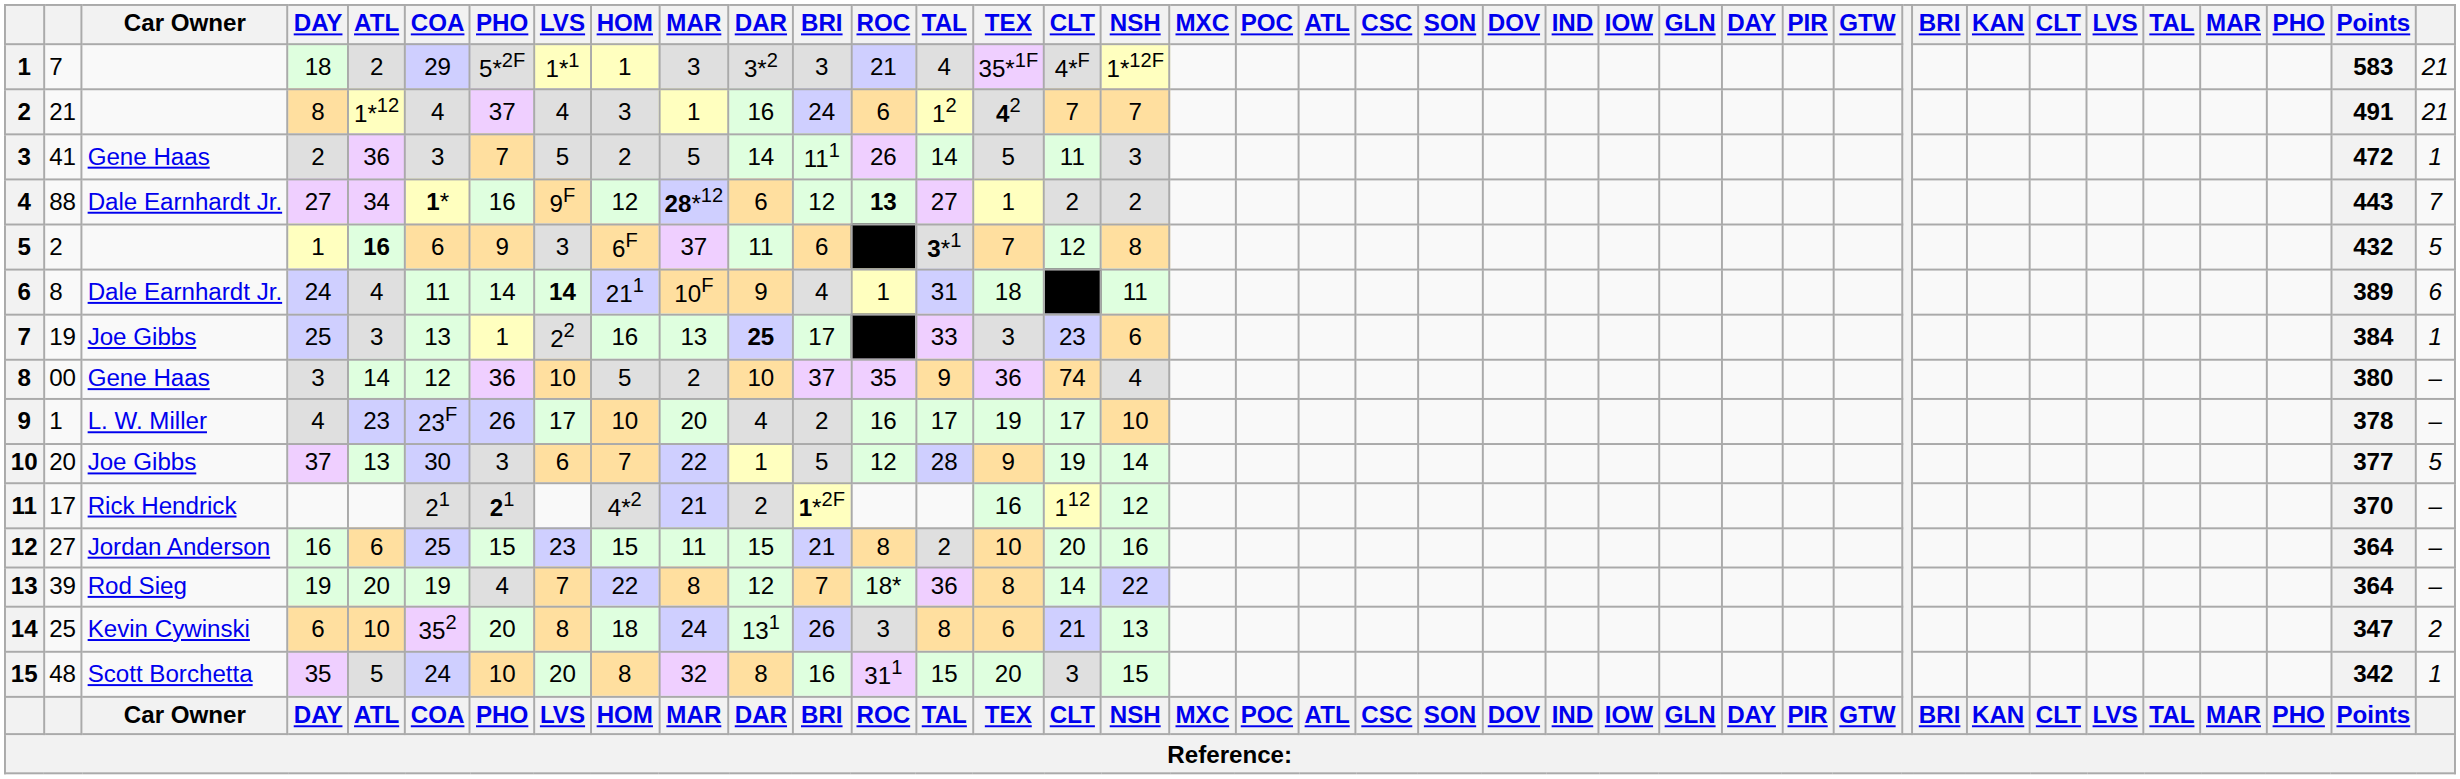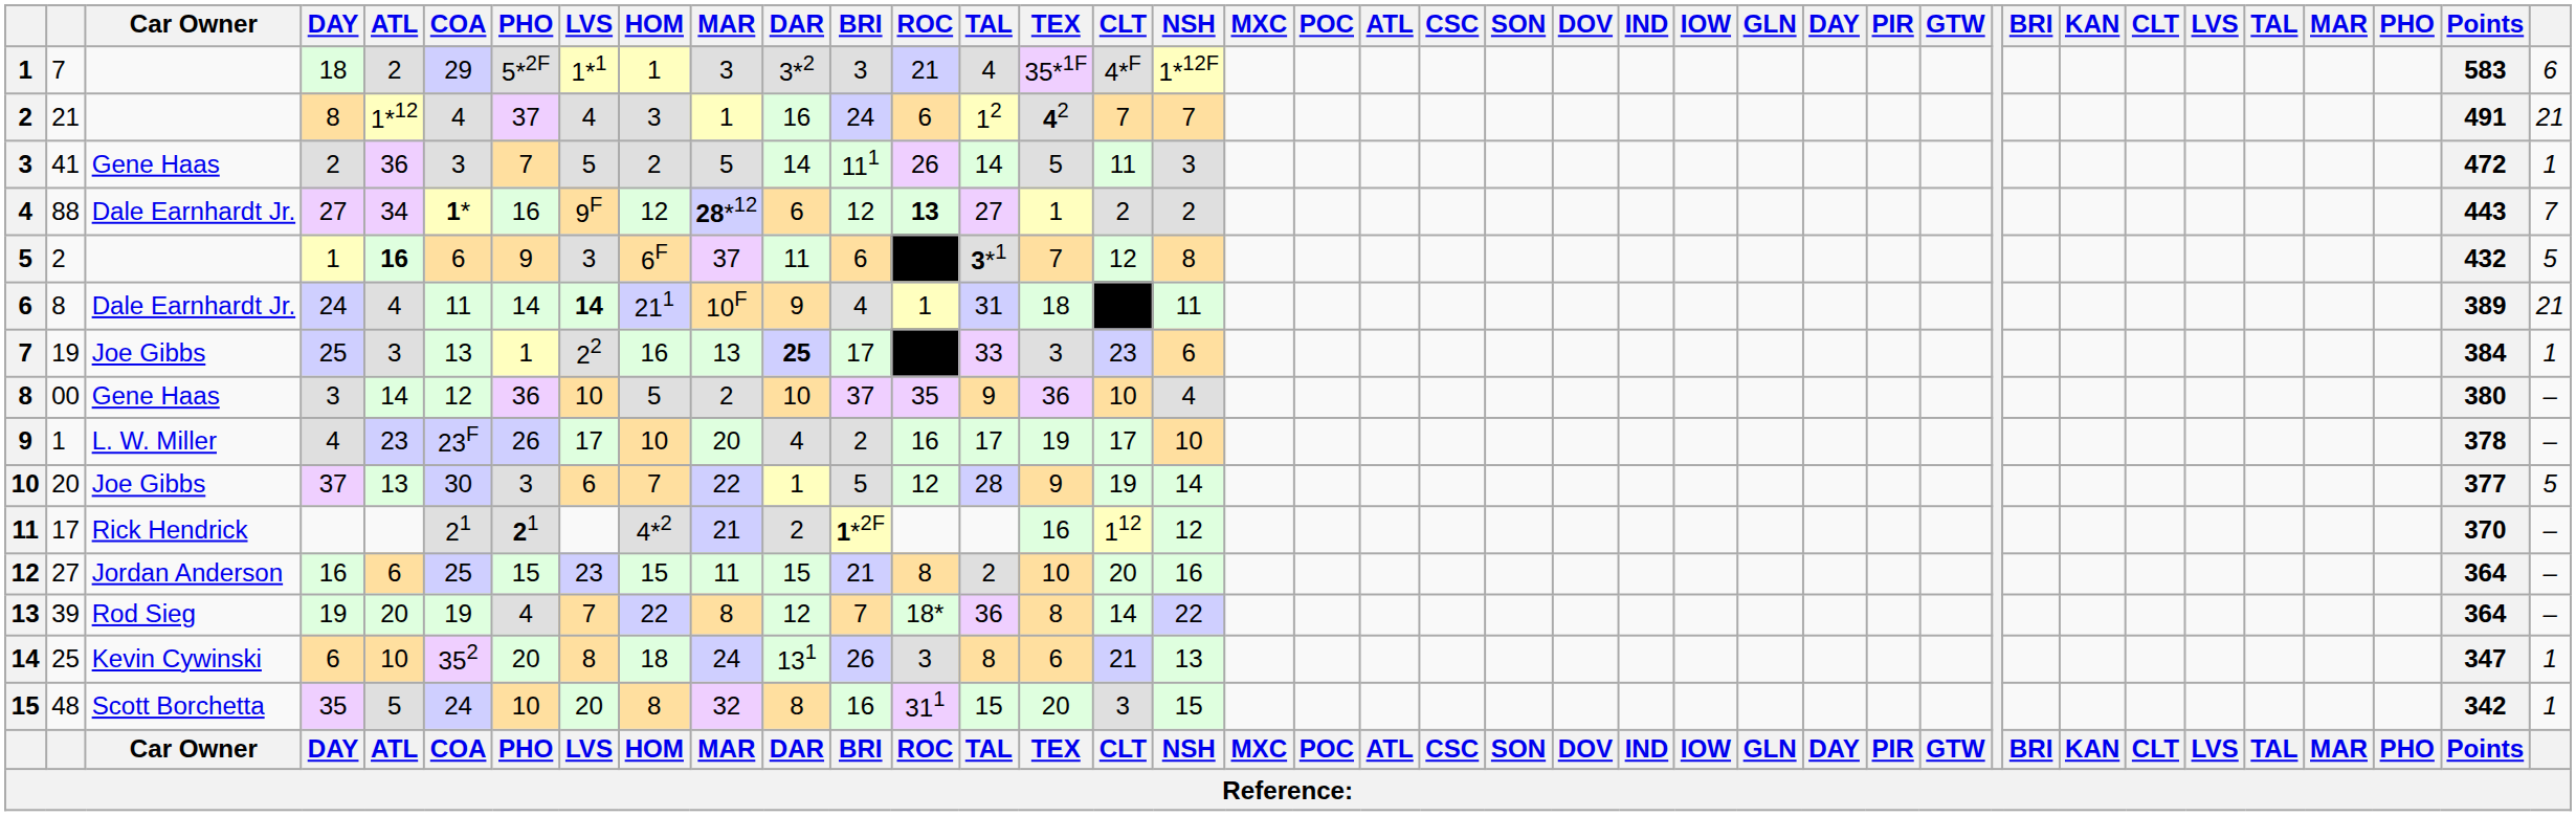 <table class="wikitable" style="font-size:77%; text-align:center;">
 <tr valign="top">
 <th valign="middle"></th>
 <th valign="middle"></th>
 <th valign="middle">Car Owner</th>
 <th><a href='#'>DAY</a></th>
 <th><a href='#'>ATL</a></th>
 <th><a href='#'>COA</a></th>
 <th><a href='#'>PHO</a></th>
 <th><a href='#'>LVS</a></th>
 <th><a href='#'>HOM</a></th>
 <th><a href='#'>MAR</a></th>
 <th><a href='#'>DAR</a></th>
 <th><a href='#'>BRI</a></th>
 <th><a href='#'>ROC</a></th>
 <th><a href='#'>TAL</a></th>
 <th><a href='#'>TEX</a></th>
 <th><a href='#'>CLT</a></th>
 <th><a href='#'>NSH</a></th>
 <th><a href='#'>MXC</a></th>
 <th><a href='#'>POC</a></th>
 <th><a href='#'>ATL</a></th>
 <th><a href='#'>CSC</a></th>
 <th><a href='#'>SON</a></th>
 <th><a href='#'>DOV</a></th>
 <th><a href='#'>IND</a></th>
 <th><a href='#'>IOW</a></th>
 <th><a href='#'>GLN</a></th>
 <th><a href='#'>DAY</a></th>
 <th><a href='#'>PIR</a></th>
 <th><a href='#'>GTW</a></th>
 <th rowspan=17></th>
 <th><a href='#'>BRI</a></th>
 <th><a href='#'>KAN</a></th>
 <th><a href='#'>CLT</a></th>
 <th><a href='#'>LVS</a></th>
 <th><a href='#'>TAL</a></th>
 <th><a href='#'>MAR</a></th>
 <th><a href='#'>PHO</a></th>
 <th valign="middle"><a href='#'>Points</a></th>
 <th valign="middle"></th>
 </tr>
 <tr>
 <th>1</th>
 <td style="text-align:left">7</td>
 <td style="text-align:left"></td>
 <td style="background:#DFFFDF;">18</td>
 <td style="background:#DFDFDF;">2</td>
 <td style="background:#CFCFFF;">29</td>
 <td style="background:#DFDFDF;">5*<sup>2F</sup></td>
 <td style="background:#FFFFBF;">1*<sup>1</sup></td>
 <td style="background:#FFFFBF;">1</td>
 <td style="background:#DFDFDF;">3</td>
 <td style="background:#DFDFDF;">3*<sup>2</sup></td>
 <td style="background:#DFDFDF;">3</td>
 <td style="background:#CFCFFF;">21</td>
 <td style="background:#DFDFDF;">4</td>
 <td style="background:#EFCFFF;">35*<sup>1F</sup></td>
 <td style="background:#DFDFDF;">4*<sup>F</sup></td>
 <td style="background:#FFFFBF;">1*<sup>12F</sup></td>
 <td></td>
 <td></td>
 <td></td>
 <td></td>
 <td></td>
 <td></td>
 <td></td>
 <td></td>
 <td></td>
 <td></td>
 <td></td>
 <td></td>
 <td></td>
 <td></td>
 <td></td>
 <td></td>
 <td></td>
 <td></td>
 <td></td>
 <th>583</th>
-<td><em>21</em></td>
+<td><em>6</em></td>
 </tr>
 <tr>
 <th>2</th>
 <td style="text-align:left">21</td>
 <td style="text-align:left"></td>
 <td style="background:#FFDF9F;">8</td>
 <td style="background:#FFFFBF;">1*<sup>12</sup></td>
 <td style="background:#DFDFDF;">4</td>
 <td style="background:#EFCFFF;">37</td>
 <td style="background:#DFDFDF;">4</td>
 <td style="background:#DFDFDF;">3</td>
 <td style="background:#FFFFBF;">1</td>
 <td style="background:#DFFFDF;">16</td>
 <td style="background:#CFCFFF;">24</td>
 <td style="background:#FFDF9F;">6</td>
 <td style="background:#FFFFBF;">1<sup>2</sup></td>
 <td style="background:#DFDFDF;"><strong>4</strong><sup>2</sup></td>
 <td style="background:#FFDF9F;">7</td>
 <td style="background:#FFDF9F;">7</td>
 <td></td>
 <td></td>
 <td></td>
 <td></td>
 <td></td>
 <td></td>
 <td></td>
 <td></td>
 <td></td>
 <td></td>
 <td></td>
 <td></td>
 <td></td>
 <td></td>
 <td></td>
 <td></td>
 <td></td>
 <td></td>
 <td></td>
 <th>491</th>
 <td><em>21</em></td>
 </tr>
 <tr>
 <th>3</th>
 <td style="text-align:left">41</td>
 <td style="text-align:left"><a href='#'>Gene Haas</a></td>
 <td style="background:#DFDFDF;">2</td>
 <td style="background:#EFCFFF;">36</td>
 <td style="background:#DFDFDF;">3</td>
 <td style="background:#FFDF9F;">7</td>
 <td style="background:#DFDFDF;">5</td>
 <td style="background:#DFDFDF;">2</td>
 <td style="background:#DFDFDF;">5</td>
 <td style="background:#DFFFDF;">14</td>
 <td style="background:#DFFFDF;">11<sup>1</sup></td>
 <td style="background:#EFCFFF;">26</td>
 <td style="background:#DFFFDF;">14</td>
 <td style="background:#DFDFDF;">5</td>
 <td style="background:#DFFFDF;">11</td>
 <td style="background:#DFDFDF;">3</td>
 <td></td>
 <td></td>
 <td></td>
 <td></td>
 <td></td>
 <td></td>
 <td></td>
 <td></td>
 <td></td>
 <td></td>
 <td></td>
 <td></td>
 <td></td>
 <td></td>
 <td></td>
 <td></td>
 <td></td>
 <td></td>
 <td></td>
 <th>472</th>
 <td><em>1</em></td>
 </tr>
 <tr>
 <th>4</th>
 <td style="text-align:left">88</td>
 <td style="text-align:left"><a href='#'>Dale Earnhardt Jr.</a></td>
 <td style="background:#EFCFFF;">27</td>
 <td style="background:#EFCFFF;">34</td>
 <td style="background:#FFFFBF;"><strong>1</strong>*</td>
 <td style="background:#DFFFDF;">16</td>
 <td style="background:#FFDF9F;">9<sup>F</sup></td>
 <td style="background:#DFFFDF;">12</td>
 <td style="background:#CFCFFF;"><strong>28</strong>*<sup>12</sup></td>
 <td style="background:#FFDF9F;">6</td>
 <td style="background:#DFFFDF;">12</td>
 <td style="background:#DFFFDF;"><strong>13</strong></td>
 <td style="background:#EFCFFF;">27</td>
 <td style="background:#FFFFBF;">1</td>
 <td style="background:#DFDFDF;">2</td>
 <td style="background:#DFDFDF;">2</td>
 <td></td>
 <td></td>
 <td></td>
 <td></td>
 <td></td>
 <td></td>
 <td></td>
 <td></td>
 <td></td>
 <td></td>
 <td></td>
 <td></td>
 <td></td>
 <td></td>
 <td></td>
 <td></td>
 <td></td>
 <td></td>
 <td></td>
 <th>443</th>
 <td><em>7</em></td>
 </tr>
 <tr>
 <th>5</th>
 <td style="text-align:left">2</td>
 <td style="text-align:left"></td>
 <td style="background:#FFFFBF;">1</td>
 <td style="background:#DFFFDF;"><strong>16</strong></td>
 <td style="background:#FFDF9F;">6</td>
 <td style="background:#FFDF9F;">9</td>
 <td style="background:#DFDFDF;">3</td>
 <td style="background:#FFDF9F;">6<sup>F</sup></td>
 <td style="background:#EFCFFF;">37</td>
 <td style="background:#DFFFDF;">11</td>
 <td style="background:#FFDF9F;">6</td>
 <td style="background:#000000; color:white;"></td>
 <td style="background:#DFDFDF;"><strong>3</strong>*<sup>1</sup></td>
 <td style="background:#FFDF9F;">7</td>
 <td style="background:#DFFFDF;">12</td>
 <td style="background:#FFDF9F;">8</td>
 <td></td>
 <td></td>
 <td></td>
 <td></td>
 <td></td>
 <td></td>
 <td></td>
 <td></td>
 <td></td>
 <td></td>
 <td></td>
 <td></td>
 <td></td>
 <td></td>
 <td></td>
 <td></td>
 <td></td>
 <td></td>
 <td></td>
 <th>432</th>
 <td><em>5</em></td>
 </tr>
 <tr>
 <th>6</th>
 <td style="text-align:left">8</td>
 <td style="text-align:left"><a href='#'>Dale Earnhardt Jr.</a></td>
 <td style="background:#CFCFFF;">24</td>
 <td style="background:#DFDFDF;">4</td>
 <td style="background:#DFFFDF;">11</td>
 <td style="background:#DFFFDF;">14</td>
 <td style="background:#DFFFDF;"><strong>14</strong></td>
 <td style="background:#CFCFFF;">21<sup>1</sup></td>
 <td style="background:#FFDF9F;">10<sup>F</sup></td>
 <td style="background:#FFDF9F;">9</td>
 <td style="background:#DFDFDF;">4</td>
 <td style="background:#FFFFBF;">1</td>
 <td style="background:#CFCFFF;">31</td>
 <td style="background:#DFFFDF;">18</td>
 <td style="background:#000000; color:white;"></td>
 <td style="background:#DFFFDF;">11</td>
 <td></td>
 <td></td>
 <td></td>
 <td></td>
 <td></td>
 <td></td>
 <td></td>
 <td></td>
 <td></td>
 <td></td>
 <td></td>
 <td></td>
 <td></td>
 <td></td>
 <td></td>
 <td></td>
 <td></td>
 <td></td>
 <td></td>
 <th>389</th>
-<td><em>6</em></td>
+<td><em>21</em></td>
 </tr>
 <tr>
 <th>7</th>
 <td style="text-align:left">19</td>
 <td style="text-align:left"><a href='#'>Joe Gibbs</a></td>
 <td style="background:#CFCFFF;">25</td>
 <td style="background:#DFDFDF;">3</td>
 <td style="background:#DFFFDF;">13</td>
 <td style="background:#FFFFBF;">1</td>
 <td style="background:#DFDFDF;">2<sup>2</sup></td>
 <td style="background:#DFFFDF;">16</td>
 <td style="background:#DFFFDF;">13</td>
 <td style="background:#CFCFFF;"><strong>25</strong></td>
 <td style="background:#DFFFDF;">17</td>
 <td style="background:#000000; color:white;"></td>
 <td style="background:#EFCFFF;">33</td>
 <td style="background:#DFDFDF;">3</td>
 <td style="background:#CFCFFF;">23</td>
 <td style="background:#FFDF9F;">6</td>
 <td></td>
 <td></td>
 <td></td>
 <td></td>
 <td></td>
 <td></td>
 <td></td>
 <td></td>
 <td></td>
 <td></td>
 <td></td>
 <td></td>
 <td></td>
 <td></td>
 <td></td>
 <td></td>
 <td></td>
 <td></td>
 <td></td>
 <th>384</th>
 <td><em>1</em></td>
 </tr>
 <tr>
 <th>8</th>
 <td style="text-align:left">00</td>
 <td style="text-align:left"><a href='#'>Gene Haas</a></td>
 <td style="background:#DFDFDF;">3</td>
 <td style="background:#DFFFDF;">14</td>
 <td style="background:#DFFFDF;">12</td>
 <td style="background:#EFCFFF;">36</td>
 <td style="background:#FFDF9F;">10</td>
 <td style="background:#DFDFDF;">5</td>
 <td style="background:#DFDFDF;">2</td>
 <td style="background:#FFDF9F;">10</td>
 <td style="background:#EFCFFF;">37</td>
 <td style="background:#EFCFFF;">35</td>
 <td style="background:#FFDF9F;">9</td>
 <td style="background:#EFCFFF;">36</td>
-<td style="background:#FFDF9F;">74</td>
+<td style="background:#FFDF9F;">10</td>
 <td style="background:#DFDFDF;">4</td>
 <td></td>
 <td></td>
 <td></td>
 <td></td>
 <td></td>
 <td></td>
 <td></td>
 <td></td>
 <td></td>
 <td></td>
 <td></td>
 <td></td>
 <td></td>
 <td></td>
 <td></td>
 <td></td>
 <td></td>
 <td></td>
 <td></td>
 <th>380</th>
 <td><em>–</em></td>
 </tr>
 <tr>
 <th>9</th>
 <td style="text-align:left">1</td>
 <td style="text-align:left"><a href='#'>L. W. Miller</a></td>
 <td style="background:#DFDFDF;">4</td>
 <td style="background:#CFCFFF;">23</td>
 <td style="background:#CFCFFF;">23<sup>F</sup></td>
 <td style="background:#CFCFFF;">26</td>
 <td style="background:#DFFFDF;">17</td>
 <td style="background:#FFDF9F;">10</td>
 <td style="background:#DFFFDF;">20</td>
 <td style="background:#DFDFDF;">4</td>
 <td style="background:#DFDFDF;">2</td>
 <td style="background:#DFFFDF;">16</td>
 <td style="background:#DFFFDF;">17</td>
 <td style="background:#DFFFDF;">19</td>
 <td style="background:#DFFFDF;">17</td>
 <td style="background:#FFDF9F;">10</td>
 <td></td>
 <td></td>
 <td></td>
 <td></td>
 <td></td>
 <td></td>
 <td></td>
 <td></td>
 <td></td>
 <td></td>
 <td></td>
 <td></td>
 <td></td>
 <td></td>
 <td></td>
 <td></td>
 <td></td>
 <td></td>
 <td></td>
 <th>378</th>
 <td><em>–</em></td>
 </tr>
 <tr>
 <th>10</th>
 <td style="text-align:left">20</td>
 <td style="text-align:left"><a href='#'>Joe Gibbs</a></td>
 <td style="background:#EFCFFF;">37</td>
 <td style="background:#DFFFDF;">13</td>
 <td style="background:#CFCFFF;">30</td>
 <td style="background:#DFDFDF;">3</td>
 <td style="background:#FFDF9F;">6</td>
 <td style="background:#FFDF9F;">7</td>
 <td style="background:#CFCFFF;">22</td>
 <td style="background:#FFFFBF;">1</td>
 <td style="background:#DFDFDF;">5</td>
 <td style="background:#DFFFDF;">12</td>
 <td style="background:#CFCFFF;">28</td>
 <td style="background:#FFDF9F;">9</td>
 <td style="background:#DFFFDF;">19</td>
 <td style="background:#DFFFDF;">14</td>
 <td></td>
 <td></td>
 <td></td>
 <td></td>
 <td></td>
 <td></td>
 <td></td>
 <td></td>
 <td></td>
 <td></td>
 <td></td>
 <td></td>
 <td></td>
 <td></td>
 <td></td>
 <td></td>
 <td></td>
 <td></td>
 <td></td>
 <th>377</th>
 <td><em>5</em></td>
 </tr>
 <tr>
 <th>11</th>
 <td style="text-align:left">17</td>
 <td style="text-align:left"><a href='#'>Rick Hendrick</a></td>
 <td></td>
 <td></td>
 <td style="background:#DFDFDF;">2<sup>1</sup></td>
 <td style="background:#DFDFDF;"><strong>2</strong><sup>1</sup></td>
 <td></td>
 <td style="background:#DFDFDF;">4*<sup>2</sup></td>
 <td style="background:#CFCFFF;">21</td>
 <td style="background:#DFDFDF;">2</td>
 <td style="background:#FFFFBF;"><strong>1</strong>*<sup>2F</sup></td>
 <td></td>
 <td></td>
 <td style="background:#DFFFDF;">16</td>
 <td style="background:#FFFFBF;">1<sup>12</sup></td>
 <td style="background:#DFFFDF;">12</td>
 <td></td>
 <td></td>
 <td></td>
 <td></td>
 <td></td>
 <td></td>
 <td></td>
 <td></td>
 <td></td>
 <td></td>
 <td></td>
 <td></td>
 <td></td>
 <td></td>
 <td></td>
 <td></td>
 <td></td>
 <td></td>
 <td></td>
 <th>370</th>
 <td><em>–</em></td>
 </tr>
 <tr>
 <th>12</th>
 <td style="text-align:left">27</td>
 <td style="text-align:left"><a href='#'>Jordan Anderson</a></td>
 <td style="background:#DFFFDF;">16</td>
 <td style="background:#FFDF9F;">6</td>
 <td style="background:#CFCFFF;">25</td>
 <td style="background:#DFFFDF;">15</td>
 <td style="background:#CFCFFF;">23</td>
 <td style="background:#DFFFDF;">15</td>
 <td style="background:#DFFFDF;">11</td>
 <td style="background:#DFFFDF;">15</td>
 <td style="background:#CFCFFF;">21</td>
 <td style="background:#FFDF9F;">8</td>
 <td style="background:#DFDFDF;">2</td>
 <td style="background:#FFDF9F;">10</td>
 <td style="background:#DFFFDF;">20</td>
 <td style="background:#DFFFDF;">16</td>
 <td></td>
 <td></td>
 <td></td>
 <td></td>
 <td></td>
 <td></td>
 <td></td>
 <td></td>
 <td></td>
 <td></td>
 <td></td>
 <td></td>
 <td></td>
 <td></td>
 <td></td>
 <td></td>
 <td></td>
 <td></td>
 <td></td>
 <th>364</th>
 <td><em>–</em></td>
 </tr>
 <tr>
 <th>13</th>
 <td style="text-align:left">39</td>
 <td style="text-align:left"><a href='#'>Rod Sieg</a></td>
 <td style="background:#DFFFDF;">19</td>
 <td style="background:#DFFFDF;">20</td>
 <td style="background:#DFFFDF;">19</td>
 <td style="background:#DFDFDF;">4</td>
 <td style="background:#FFDF9F;">7</td>
 <td style="background:#CFCFFF;">22</td>
 <td style="background:#FFDF9F;">8</td>
 <td style="background:#DFFFDF;">12</td>
 <td style="background:#FFDF9F;">7</td>
 <td style="background:#DFFFDF;">18*</td>
 <td style="background:#EFCFFF;">36</td>
 <td style="background:#FFDF9F;">8</td>
 <td style="background:#DFFFDF;">14</td>
 <td style="background:#CFCFFF;">22</td>
 <td></td>
 <td></td>
 <td></td>
 <td></td>
 <td></td>
 <td></td>
 <td></td>
 <td></td>
 <td></td>
 <td></td>
 <td></td>
 <td></td>
 <td></td>
 <td></td>
 <td></td>
 <td></td>
 <td></td>
 <td></td>
 <td></td>
 <th>364</th>
 <td><em>–</em></td>
 </tr>
 <tr>
 <th>14</th>
 <td style="text-align:left">25</td>
 <td style="text-align:left"><a href='#'>Kevin Cywinski</a></td>
 <td style="background:#FFDF9F;">6</td>
 <td style="background:#FFDF9F;">10</td>
 <td style="background:#EFCFFF;">35<sup>2</sup></td>
 <td style="background:#DFFFDF;">20</td>
 <td style="background:#FFDF9F;">8</td>
 <td style="background:#DFFFDF;">18</td>
 <td style="background:#CFCFFF;">24</td>
 <td style="background:#DFFFDF;">13<sup>1</sup></td>
 <td style="background:#CFCFFF;">26</td>
 <td style="background:#DFDFDF;">3</td>
 <td style="background:#FFDF9F;">8</td>
 <td style="background:#FFDF9F;">6</td>
 <td style="background:#CFCFFF;">21</td>
 <td style="background:#DFFFDF;">13</td>
 <td></td>
 <td></td>
 <td></td>
 <td></td>
 <td></td>
 <td></td>
 <td></td>
 <td></td>
 <td></td>
 <td></td>
 <td></td>
 <td></td>
 <td></td>
 <td></td>
 <td></td>
 <td></td>
 <td></td>
 <td></td>
 <td></td>
 <th>347</th>
-<td><em>2</em></td>
+<td><em>1</em></td>
 </tr>
 <tr>
 <th>15</th>
 <td style="text-align:left">48</td>
 <td style="text-align:left"><a href='#'>Scott Borchetta</a></td>
 <td style="background:#EFCFFF;">35</td>
 <td style="background:#DFDFDF;">5</td>
 <td style="background:#CFCFFF;">24</td>
 <td style="background:#FFDF9F;">10</td>
 <td style="background:#DFFFDF;">20</td>
 <td style="background:#FFDF9F;">8</td>
 <td style="background:#EFCFFF;">32</td>
 <td style="background:#FFDF9F;">8</td>
 <td style="background:#DFFFDF;">16</td>
 <td style="background:#EFCFFF;">31<sup>1</sup></td>
 <td style="background:#DFFFDF;">15</td>
 <td style="background:#DFFFDF;">20</td>
 <td style="background:#DFDFDF;">3</td>
 <td style="background:#DFFFDF;">15</td>
 <td></td>
 <td></td>
 <td></td>
 <td></td>
 <td></td>
 <td></td>
 <td></td>
 <td></td>
 <td></td>
 <td></td>
 <td></td>
 <td></td>
 <td></td>
 <td></td>
 <td></td>
 <td></td>
 <td></td>
 <td></td>
 <td></td>
 <th>342</th>
 <td><em>1</em></td>
 </tr>
 <tr>
 <th valign="middle"></th>
 <th valign="middle"></th>
 <th valign="middle">Car Owner</th>
 <th><a href='#'>DAY</a></th>
 <th><a href='#'>ATL</a></th>
 <th><a href='#'>COA</a></th>
 <th><a href='#'>PHO</a></th>
 <th><a href='#'>LVS</a></th>
 <th><a href='#'>HOM</a></th>
 <th><a href='#'>MAR</a></th>
 <th><a href='#'>DAR</a></th>
 <th><a href='#'>BRI</a></th>
 <th><a href='#'>ROC</a></th>
 <th><a href='#'>TAL</a></th>
 <th><a href='#'>TEX</a></th>
 <th><a href='#'>CLT</a></th>
 <th><a href='#'>NSH</a></th>
 <th><a href='#'>MXC</a></th>
 <th><a href='#'>POC</a></th>
 <th><a href='#'>ATL</a></th>
 <th><a href='#'>CSC</a></th>
 <th><a href='#'>SON</a></th>
 <th><a href='#'>DOV</a></th>
 <th><a href='#'>IND</a></th>
 <th><a href='#'>IOW</a></th>
 <th><a href='#'>GLN</a></th>
 <th><a href='#'>DAY</a></th>
 <th><a href='#'>PIR</a></th>
 <th><a href='#'>GTW</a></th>
 <th><a href='#'>BRI</a></th>
 <th><a href='#'>KAN</a></th>
 <th><a href='#'>CLT</a></th>
 <th><a href='#'>LVS</a></th>
 <th><a href='#'>TAL</a></th>
 <th><a href='#'>MAR</a></th>
 <th><a href='#'>PHO</a></th>
 <th valign="middle"><a href='#'>Points</a></th>
 <th valign="middle"></th>
 </tr>
 <tr>
 <th colspan="39">Reference:</th>
 </tr>
 </table>
